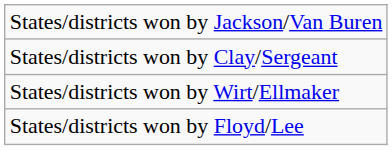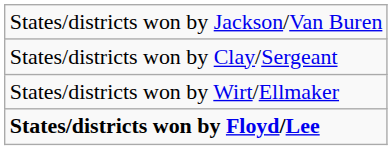 <table class="wikitable">
 <tr>
 <td>States/districts won by <a href='#'>Jackson</a>/<a href='#'>Van Buren</a></td>
 </tr>
 <tr>
 <td>States/districts won by <a href='#'>Clay</a>/<a href='#'>Sergeant</a></td>
 </tr>
 <tr>
 <td>States/districts won by <a href='#'>Wirt</a>/<a href='#'>Ellmaker</a></td>
 </tr>
 <tr ->
-<td>States/districts won by <a href='#'>Floyd</a>/<a href='#'>Lee</a></td>
+<td><strong>States/districts won by <a href='#'>Floyd</a>/<a href='#'>Lee</a></strong></td>
 </tr>
 </table>
